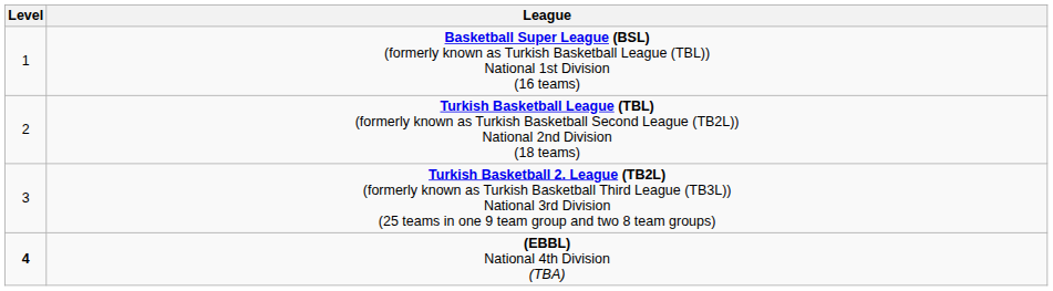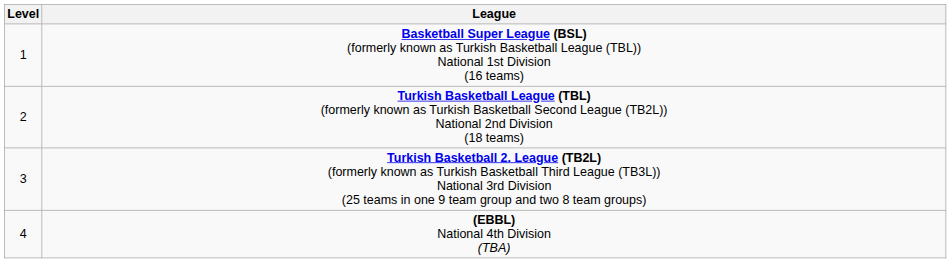 <table class="wikitable" style="text-align: center;">
 <tr south>
 <th colspan="1" width="4%">Level</th>
 <th colspan="5" width="96%">League</th>
 </tr>
 <tr>
 <td colspan="1" width="4%">1</td>
 <td colspan="5" width="96%"><strong><a href='#'>Basketball Super League</a> (BSL)</strong> <br> (formerly known as Turkish Basketball League (TBL)) <br> National 1st Division <br> (16 teams)</td>
 </tr>
 <tr>
 <td colspan="1" width="4%">2</td>
 <td colspan="5" width="96%"><strong><a href='#'>Turkish Basketball League</a> (TBL)</strong> <br> (formerly known as Turkish Basketball Second League (TB2L)) <br> National 2nd Division <br> (18 teams)</td>
 </tr>
 <tr>
 <td colspan="1" width="4%">3</td>
 <td colspan="5" width="96%"><strong><a href='#'>Turkish Basketball 2. League</a> (TB2L)</strong> <br> (formerly known as Turkish Basketball Third League (TB3L))  <br> National 3rd Division <br> (25 teams in one 9 team group and two 8 team groups)</td>
 </tr>
 <tr>
-<td colspan="1" width="4%"><strong>4</strong></td>
+<td colspan="1" width="4%">4</td>
 <td colspan="1" width="96%"><strong> (EBBL)</strong> <br> National 4th Division <br> <em>(TBA)</em></td>
 </tr>
 </table>
